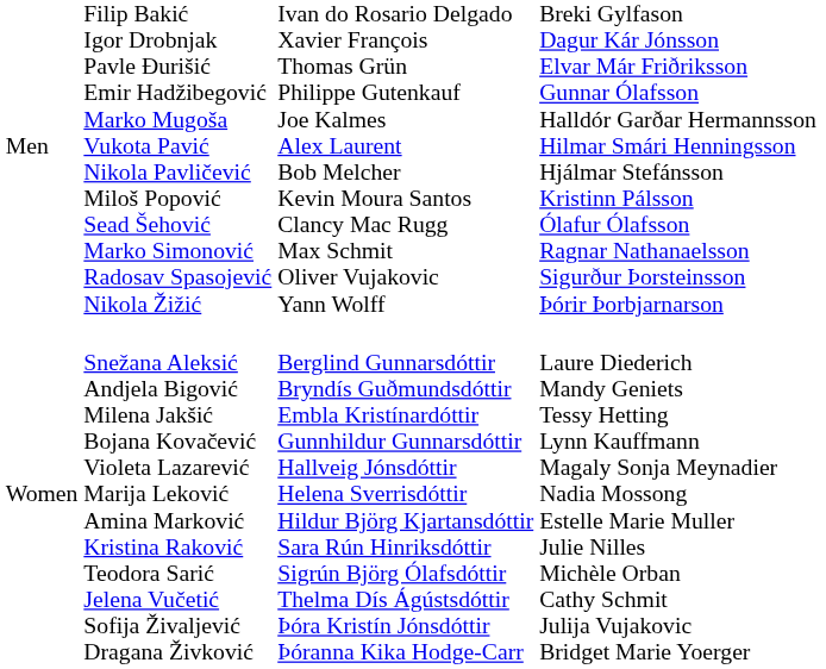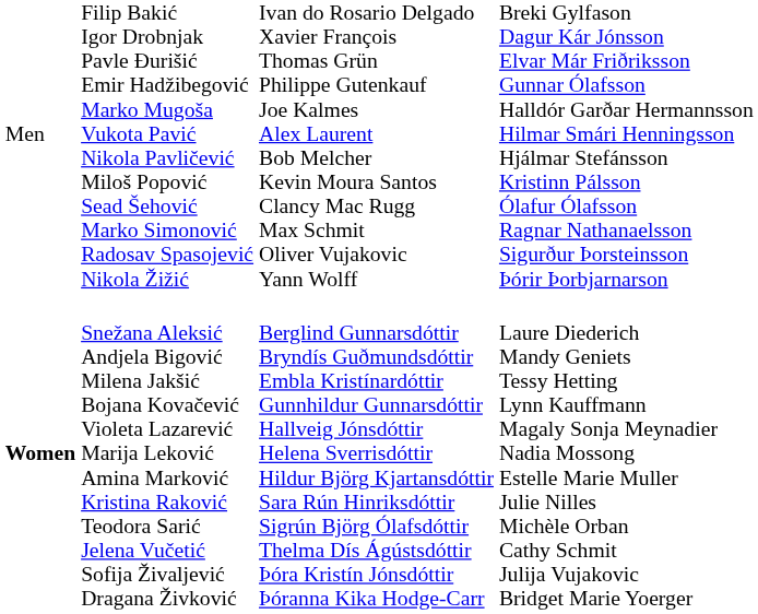 <table>
 <tr>
 <td>Men</td>
 <td nowrap><br>Filip Bakić<br>Igor Drobnjak<br>Pavle Đurišić<br>Emir Hadžibegović<br><a href='#'>Marko Mugoša</a><br><a href='#'>Vukota Pavić</a><br><a href='#'>Nikola Pavličević</a><br>Miloš Popović<br><a href='#'>Sead Šehović</a><br><a href='#'>Marko Simonović</a><br><a href='#'>Radosav Spasojević</a><br><a href='#'>Nikola Žižić</a></td>
 <td><br>Ivan do Rosario Delgado<br>Xavier François<br>Thomas Grün<br>Philippe Gutenkauf<br>Joe Kalmes<br><a href='#'>Alex Laurent</a><br>Bob Melcher<br>Kevin Moura Santos<br>Clancy Mac Rugg<br>Max Schmit<br>Oliver Vujakovic<br>Yann Wolff</td>
 <td nowrap><br>Breki Gylfason<br><a href='#'>Dagur Kár Jónsson</a><br><a href='#'>Elvar Már Friðriksson</a><br><a href='#'>Gunnar Ólafsson</a><br>Halldór Garðar Hermannsson<br><a href='#'>Hilmar Smári Henningsson</a><br>Hjálmar Stefánsson<br><a href='#'>Kristinn Pálsson</a><br><a href='#'>Ólafur Ólafsson</a><br><a href='#'>Ragnar Nathanaelsson</a><br><a href='#'>Sigurður Þorsteinsson</a><br><a href='#'>Þórir Þorbjarnarson</a></td>
 </tr>
 <tr>
-<td>Women</td>
+<td><strong>Women</strong></td>
 <td><br><a href='#'>Snežana Aleksić</a><br>Andjela Bigović<br>Milena Jakšić<br>Bojana Kovačević<br>Violeta Lazarević<br>Marija Leković<br>Amina Marković<br><a href='#'>Kristina Raković</a><br>Teodora Sarić<br><a href='#'>Jelena Vučetić</a><br>Sofija Živaljević<br>Dragana Živković</td>
 <td nowrap><br><a href='#'>Berglind Gunnarsdóttir</a><br><a href='#'>Bryndís Guðmundsdóttir</a><br><a href='#'>Embla Kristínardóttir</a><br><a href='#'>Gunnhildur Gunnarsdóttir</a><br><a href='#'>Hallveig Jónsdóttir</a><br><a href='#'>Helena Sverrisdóttir</a><br><a href='#'>Hildur Björg Kjartansdóttir</a><br><a href='#'>Sara Rún Hinriksdóttir</a><br><a href='#'>Sigrún Björg Ólafsdóttir</a><br><a href='#'>Thelma Dís Ágústsdóttir</a><br><a href='#'>Þóra Kristín Jónsdóttir</a><br><a href='#'>Þóranna Kika Hodge-Carr</a></td>
 <td><br>Laure Diederich<br>Mandy Geniets<br>Tessy Hetting<br>Lynn Kauffmann<br>Magaly Sonja Meynadier<br>Nadia Mossong<br>Estelle Marie Muller<br>Julie Nilles<br>Michèle Orban<br>Cathy Schmit<br>Julija Vujakovic<br>Bridget Marie Yoerger</td>
 </tr>
 </table>
